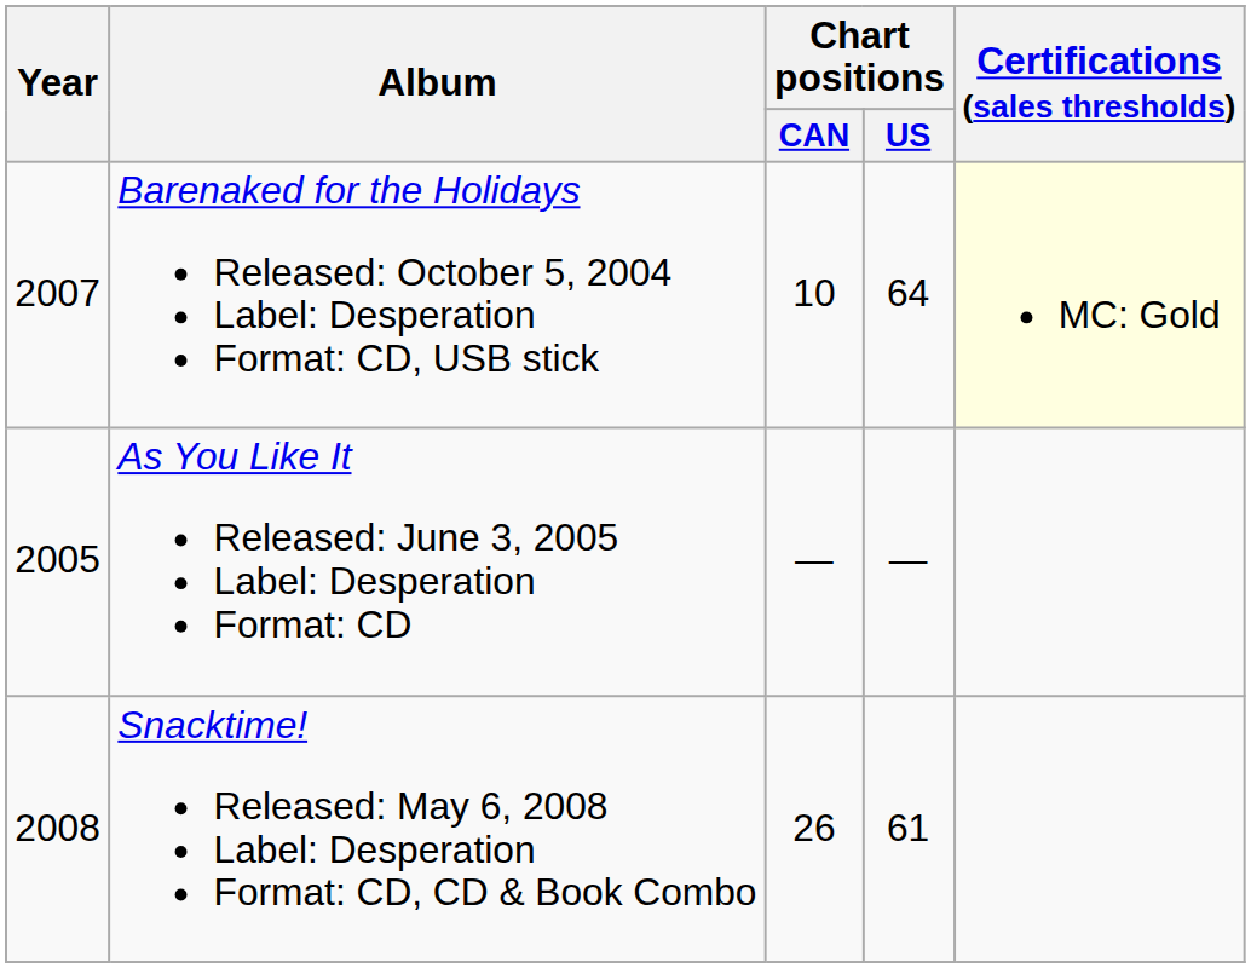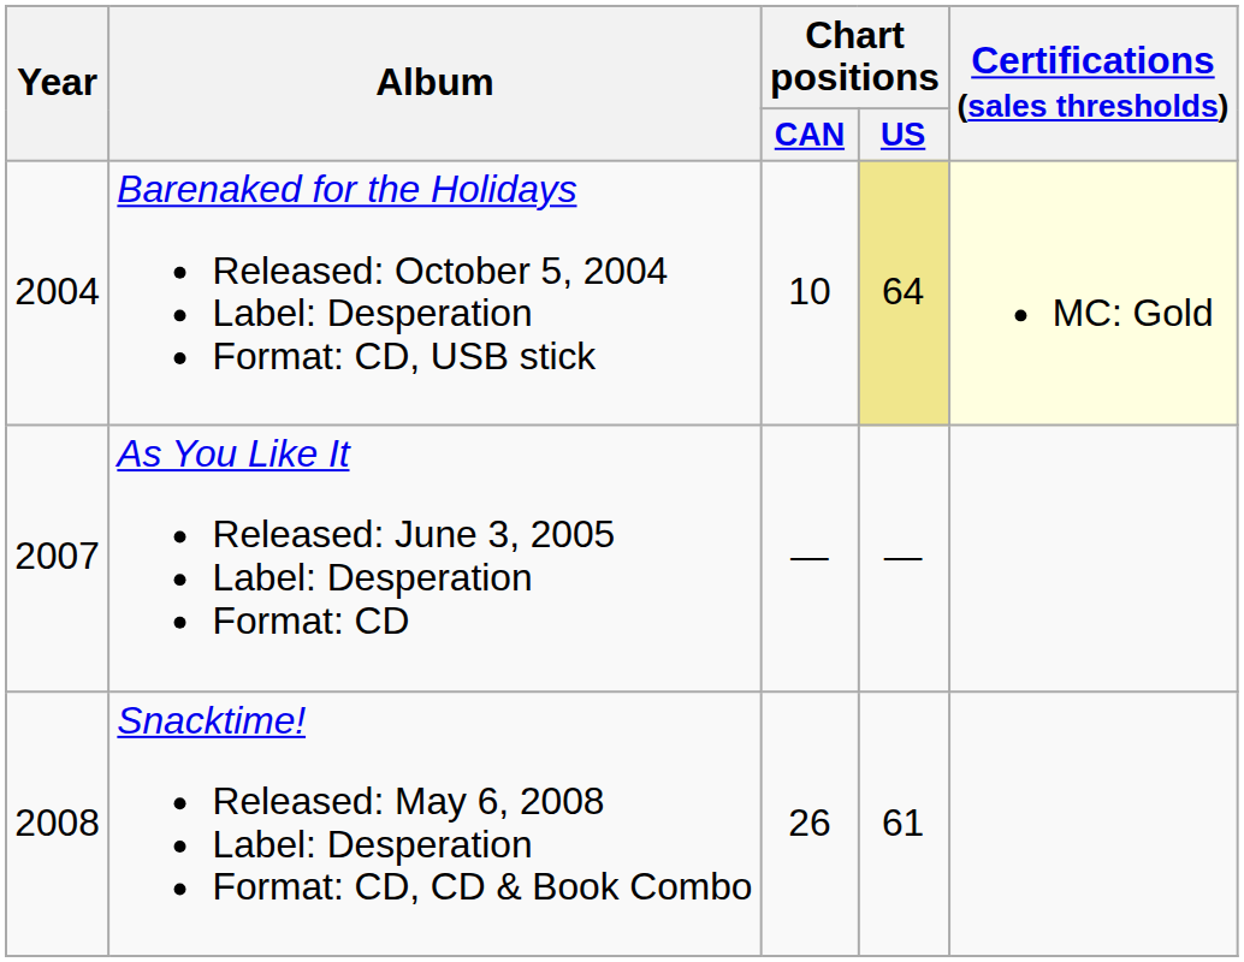 <table class="wikitable">
 <tr>
 <th rowspan="2">Year</th>
 <th rowspan="2">Album</th>
 <th colspan="2">Chart positions</th>
 <th rowspan="2"><a href='#'>Certifications</a><br><small>(<a href='#'>sales thresholds</a>)</small></th>
 </tr>
 <tr>
 <th style="width:2em;font-size:85%"><a href='#'>CAN</a><br></th>
 <th style="width:2em;font-size:85%"><a href='#'>US</a><br></th>
 </tr>
 <tr>
-<td>2007</td>
+<td>2004</td>
 <td><em><a href='#'>Barenaked for the Holidays</a></em><br><ul><li>Released: October 5, 2004</li><li>Label: Desperation</li><li>Format: CD, USB stick</li></ul></td>
 <td align="center">10</td>
-<td align="center">64</td>
+<td align="center" style="background: khaki;">64</td>
 <td style="background: lightyellow;"><br><ul><li>MC: Gold</li></ul></td>
 </tr>
 <tr>
-<td>2005</td>
+<td>2007</td>
 <td><em><a href='#'>As You Like It</a></em><br><ul><li>Released: June 3, 2005</li><li>Label: Desperation</li><li>Format: CD</li></ul></td>
 <td align="center">—</td>
 <td align="center">—</td>
 <td></td>
 </tr>
 <tr>
 <td>2008</td>
 <td><em><a href='#'>Snacktime!</a></em><br><ul><li>Released: May 6, 2008</li><li>Label: Desperation</li><li>Format: CD, CD & Book Combo</li></ul></td>
 <td align="center">26</td>
 <td align="center">61</td>
 <td></td>
 </tr>
 </table>
